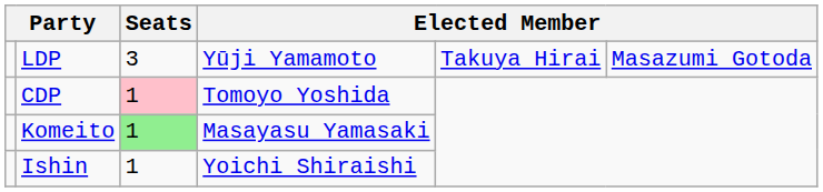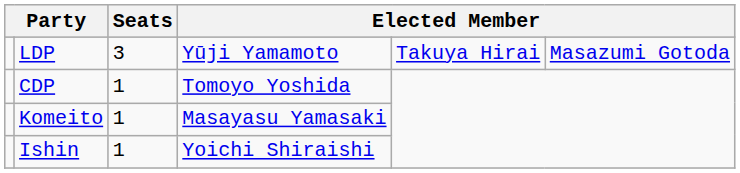 <table class="wikitable">
 <tr>
 <th colspan=2>Party</th>
 <th>Seats</th>
 <th colspan=3>Elected Member</th>
 </tr>
 <tr>
 <td bgcolor=></td>
 <td><a href='#'>LDP</a></td>
 <td>3</td>
 <td><a href='#'>Yūji Yamamoto</a></td>
 <td><a href='#'>Takuya Hirai</a></td>
 <td><a href='#'>Masazumi Gotoda</a></td>
 </tr>
 <tr>
 <td bgcolor=></td>
 <td><a href='#'>CDP</a></td>
-<td style="background: pink;">1</td>
+<td>1</td>
 <td><a href='#'>Tomoyo Yoshida</a></td>
 </tr>
 <tr>
 <td bgcolor=></td>
 <td><a href='#'>Komeito</a></td>
-<td style="background: lightgreen;">1</td>
+<td>1</td>
 <td><a href='#'>Masayasu Yamasaki</a></td>
 </tr>
 <tr>
 <td bgcolor=></td>
 <td><a href='#'>Ishin</a></td>
 <td>1</td>
 <td><a href='#'>Yoichi Shiraishi</a></td>
 </tr>
 </table>
